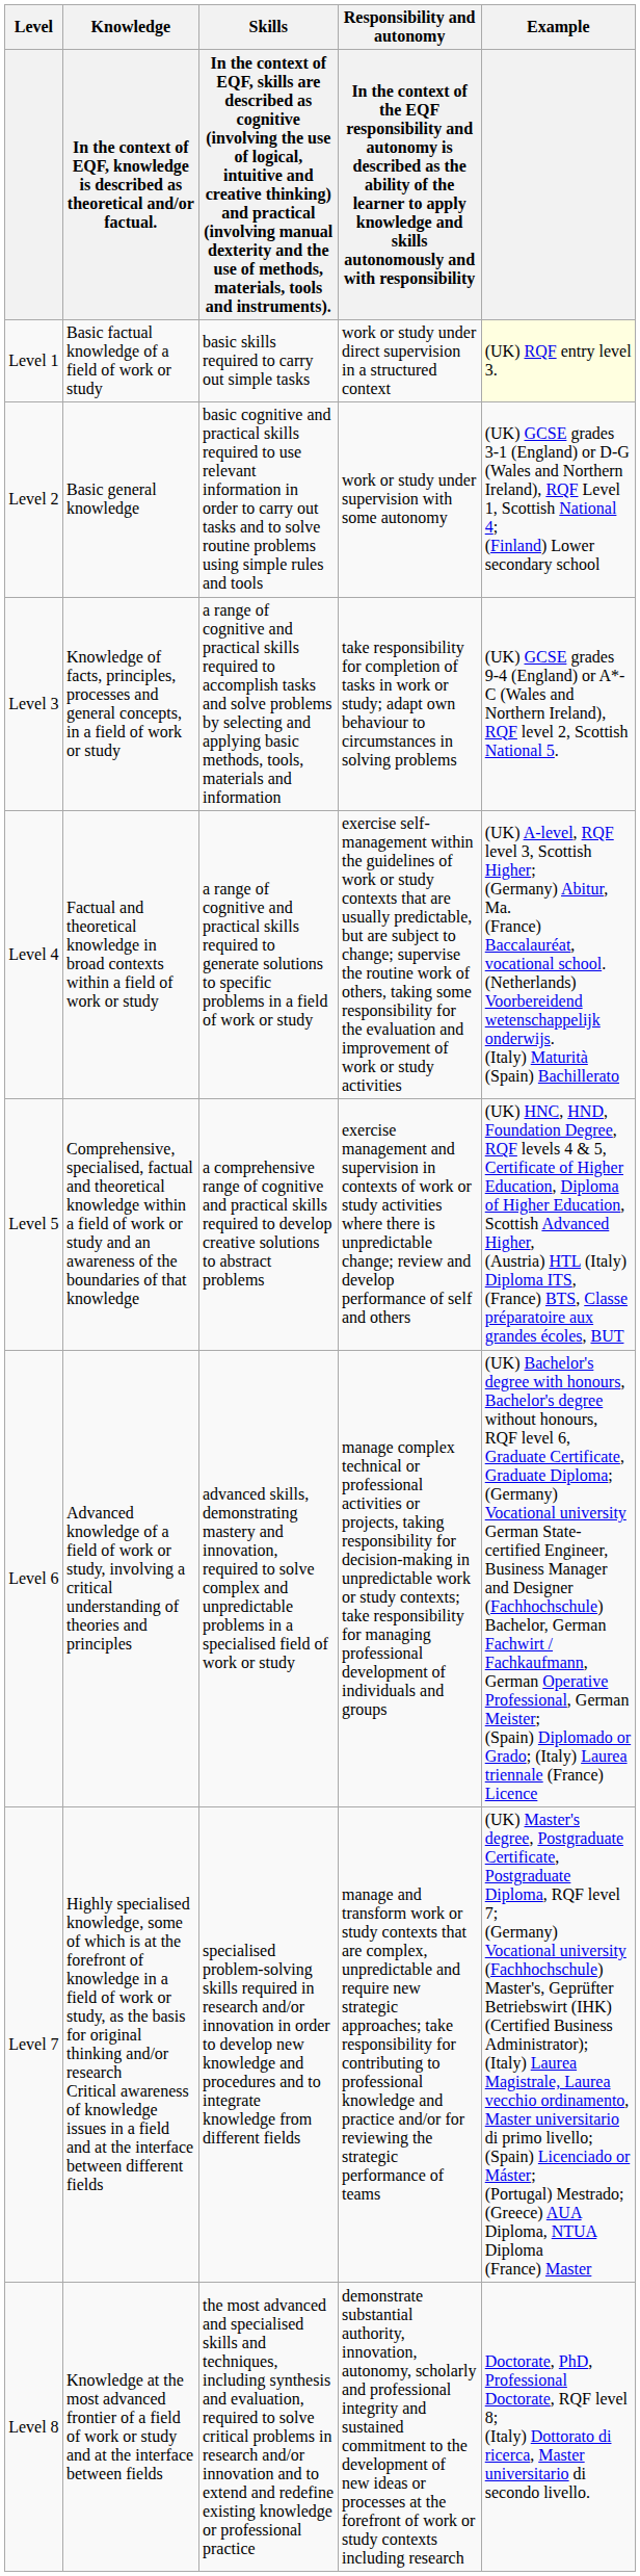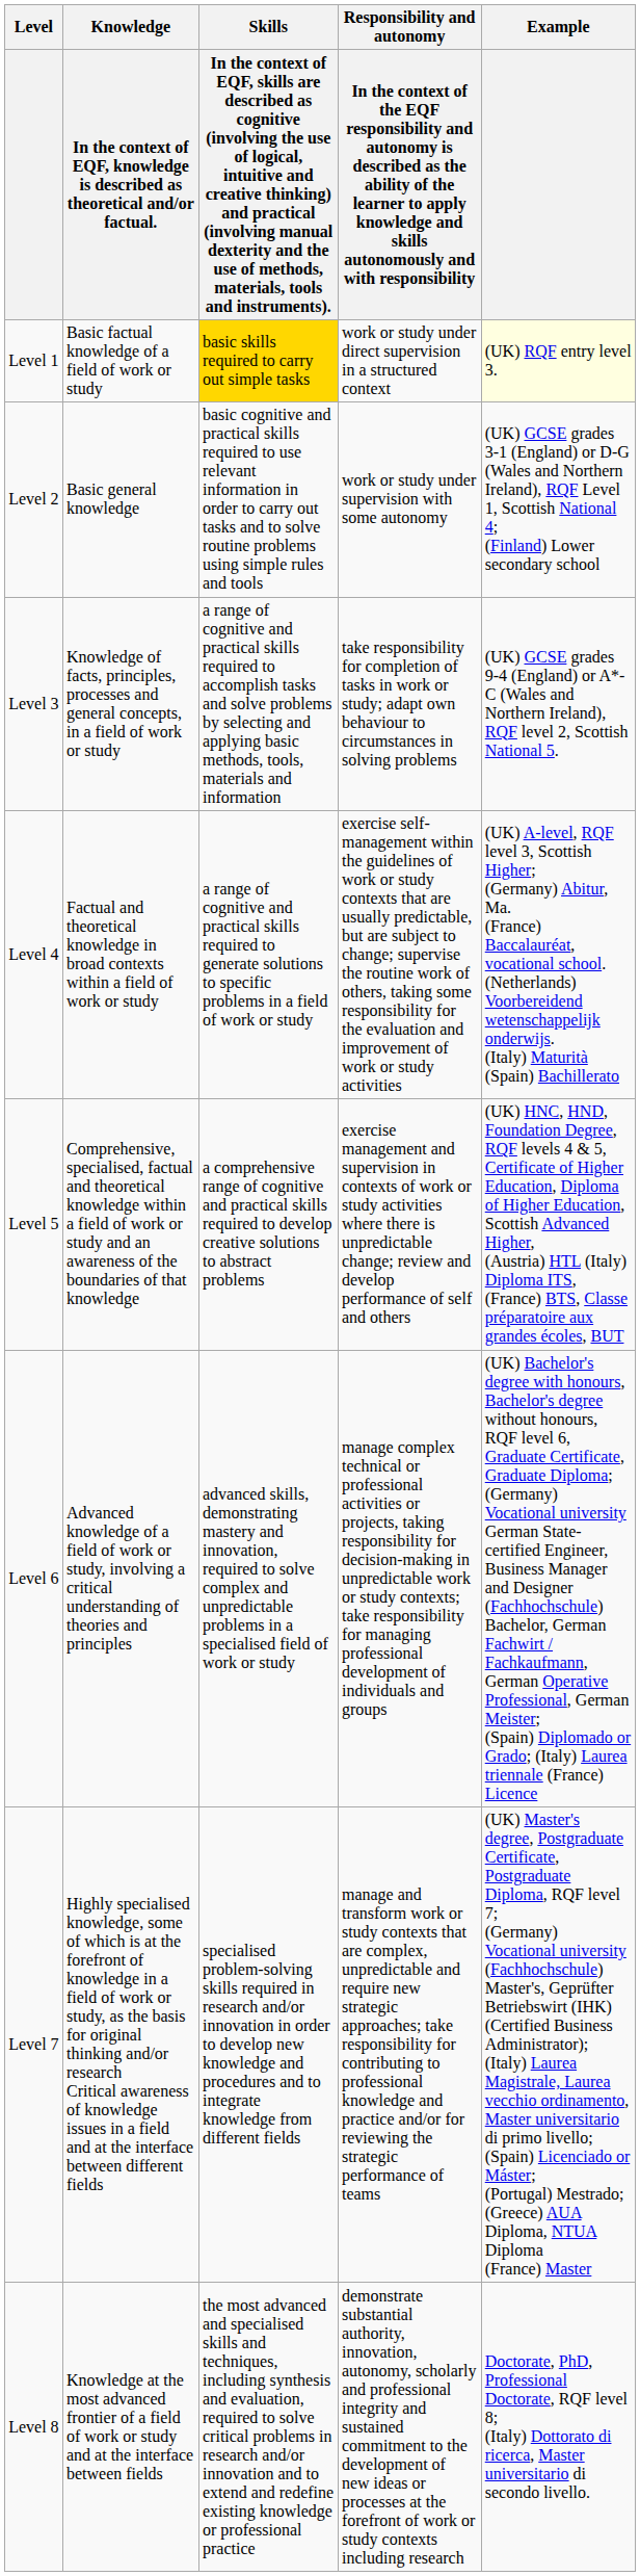 <table class="wikitable">
 <tr --->
 <th>Level</th>
 <th>Knowledge</th>
 <th>Skills</th>
 <th>Responsibility and autonomy</th>
 <th>Example</th>
 </tr>
 <tr>
 <th></th>
 <th><strong>In the context of EQF, knowledge is described as theoretical and/or factual.</strong></th>
 <th><strong>In the context of EQF, skills are described as cognitive (involving the use of logical, intuitive and creative thinking) and practical (involving manual dexterity and the use of methods, materials, tools and instruments).</strong></th>
 <th><strong>In the context of the EQF responsibility and autonomy is described as the ability of the learner to apply knowledge and skills autonomously and with responsibility</strong></th>
 <th></th>
 </tr>
 <tr --->
 <td>Level 1</td>
 <td>Basic factual knowledge of a field of work or study</td>
-<td>basic skills required to carry out simple tasks</td>
+<td style="background: gold;">basic skills required to carry out simple tasks</td>
 <td>work or study under direct supervision in a structured context</td>
 <td style="background: lightyellow;">(UK) <a href='#'>RQF</a> entry level 3.</td>
 </tr>
 <tr --->
 <td>Level 2</td>
 <td>Basic general knowledge</td>
 <td>basic cognitive and practical skills required to use relevant information in order to carry out tasks and to solve routine problems using simple rules and tools</td>
 <td>work or study under supervision with some autonomy</td>
 <td>(UK) <a href='#'>GCSE</a> grades 3-1 (England) or D-G (Wales and Northern Ireland), <a href='#'>RQF</a> Level 1, Scottish <a href='#'>National 4</a>;<br>(<a href='#'>Finland</a>) Lower secondary school</td>
 </tr>
 <tr --->
 <td>Level 3</td>
 <td>Knowledge of facts, principles, processes and general concepts, in a field of work or study</td>
 <td>a range of cognitive and practical skills required to accomplish tasks and solve problems by selecting and applying basic methods, tools, materials and information</td>
 <td>take responsibility for completion of tasks in work or study; adapt own behaviour to circumstances in solving problems</td>
 <td>(UK) <a href='#'>GCSE</a> grades 9-4 (England) or A*-C (Wales and Northern Ireland), <a href='#'>RQF</a> level 2, Scottish <a href='#'>National 5</a>.</td>
 </tr>
 <tr --->
 <td>Level 4</td>
 <td>Factual and theoretical knowledge in broad contexts within a field of work or study</td>
 <td>a range of cognitive and practical skills required to generate solutions to specific problems in a field of work or study</td>
 <td>exercise self-management within the guidelines of work or study contexts that are usually predictable, but are subject to change; supervise the routine work of others, taking some responsibility for the evaluation and improvement of work or study activities</td>
 <td>(UK) <a href='#'>A-level</a>, <a href='#'>RQF</a> level 3, Scottish <a href='#'>Higher</a>;<br>(Germany) <a href='#'>Abitur</a>, Ma.<br>(France) <a href='#'>Baccalauréat</a>, <a href='#'>vocational school</a>.<br>(Netherlands) <a href='#'>Voorbereidend wetenschappelijk onderwijs</a>.<br>(Italy) <a href='#'>Maturità</a><br>(Spain) <a href='#'>Bachillerato</a></td>
 </tr>
 <tr --->
 <td>Level 5</td>
 <td>Comprehensive, specialised, factual and theoretical knowledge within a field of work or study and an awareness of the boundaries of that knowledge</td>
 <td>a comprehensive range of cognitive and practical skills required to develop creative solutions to abstract problems</td>
 <td>exercise management and supervision in contexts of work or study activities where there is unpredictable change; review and develop performance of self and others</td>
 <td>(UK) <a href='#'>HNC</a>, <a href='#'>HND</a>, <a href='#'>Foundation Degree</a>, <a href='#'>RQF</a> levels 4 & 5, <a href='#'>Certificate of Higher Education</a>, <a href='#'>Diploma of Higher Education</a>, Scottish <a href='#'>Advanced Higher</a>,<br>(Austria) <a href='#'>HTL</a> (Italy) <a href='#'>Diploma ITS</a>, (France) <a href='#'>BTS</a>, <a href='#'>Classe préparatoire aux grandes écoles</a>, <a href='#'>BUT</a></td>
 </tr>
 <tr --->
 <td>Level 6</td>
 <td>Advanced knowledge of a field of work or study, involving a critical understanding of theories and principles</td>
 <td>advanced skills, demonstrating mastery and innovation, required to solve complex and unpredictable problems in a specialised field of work or study</td>
 <td>manage complex technical or professional activities or projects, taking responsibility for decision-making in unpredictable work or study contexts; take responsibility for managing professional development of individuals and groups</td>
 <td>(UK) <a href='#'>Bachelor's degree with honours</a>, <a href='#'>Bachelor's degree</a> without honours, RQF level 6, <a href='#'>Graduate Certificate</a>, <a href='#'>Graduate Diploma</a>;<br>(Germany) <a href='#'>Vocational university</a> German State-certified Engineer, Business Manager and Designer (<a href='#'>Fachhochschule</a>) Bachelor, German <a href='#'>Fachwirt / Fachkaufmann</a>, German <a href='#'>Operative Professional</a>, German <a href='#'>Meister</a>;<br>(Spain) <a href='#'>Diplomado or Grado</a>;  (Italy) <a href='#'>Laurea triennale</a> (France) <a href='#'>Licence</a></td>
 </tr>
 <tr --->
 <td>Level 7</td>
 <td>Highly specialised knowledge, some of which is at the forefront of knowledge in a field of work or study, as the basis for original thinking and/or research<br>Critical awareness of knowledge issues in a field and at the interface between different fields</td>
 <td>specialised problem-solving skills required in research and/or innovation in order to develop new knowledge and procedures and to integrate knowledge from different fields</td>
 <td>manage and transform work or study contexts that are complex, unpredictable and require new strategic approaches; take responsibility for contributing to professional knowledge and practice and/or for reviewing the strategic performance of teams</td>
 <td>(UK) <a href='#'>Master's degree</a>, <a href='#'>Postgraduate Certificate</a>, <a href='#'>Postgraduate Diploma</a>, RQF level 7;<br>(Germany) <a href='#'>Vocational university</a> (<a href='#'>Fachhochschule</a>) Master's, Geprüfter Betriebswirt (IHK) (Certified Business Administrator);<br>(Italy) <a href='#'>Laurea Magistrale, Laurea vecchio ordinamento</a>, <a href='#'>Master universitario</a> di primo livello;<br>(Spain) <a href='#'>Licenciado or Máster</a>;<br>(Portugal) Mestrado;<br>(Greece) <a href='#'>AUA</a> Diploma, <a href='#'>NTUA</a> Diploma<br>(France) <a href='#'>Master</a></td>
 </tr>
 <tr --->
 <td>Level 8</td>
 <td>Knowledge at the most advanced frontier of a field of work or study and at the interface between fields</td>
 <td>the most advanced and specialised skills and techniques, including synthesis and evaluation, required to solve critical problems in research and/or innovation and to extend and redefine existing knowledge or professional practice</td>
 <td>demonstrate substantial authority, innovation, autonomy, scholarly and professional integrity and sustained commitment to the development of new ideas or processes at the forefront of work or study contexts including research</td>
 <td><a href='#'>Doctorate</a>, <a href='#'>PhD</a>, <a href='#'>Professional Doctorate</a>, RQF level 8;<br>(Italy) <a href='#'>Dottorato di ricerca</a>, <a href='#'>Master universitario</a> di secondo livello.</td>
 </tr>
 <tr --->
 </tr>
 </table>
